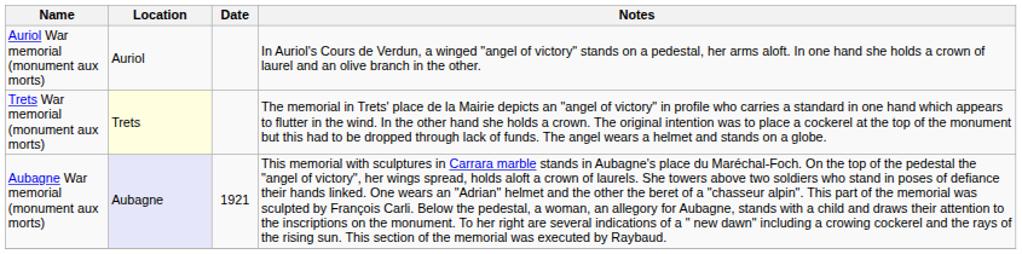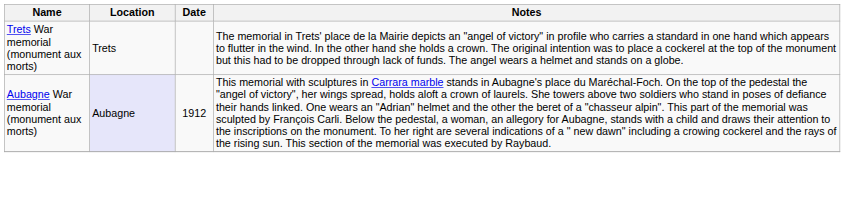 <table class="wikitable sortable plainrowheaders">
 <tr>
 <th style="width:120px">Name</th>
 <th style="width:120px">Location</th>
 <th style="width:50px">Date</th>
 <th class="unsortable">Notes</th>
 </tr>
 <tr>
-<td><a href='#'>Auriol</a> War memorial (monument aux morts)</td>
-<td>Auriol</td>
-<td align="center"></td>
-<td>In Auriol's Cours de Verdun, a winged "angel of victory" stands on a pedestal, her arms aloft. In one hand she holds a crown of laurel and an olive branch in the other.<br></td>
-</tr>
-<tr>
 <td><a href='#'>Trets</a> War memorial (monument aux morts)</td>
-<td style="background: lightyellow;">Trets</td>
+<td>Trets</td>
 <td align="center"></td>
 <td>The memorial in Trets' place de la Mairie depicts an "angel of victory" in profile who carries a standard in one hand which appears to flutter in the wind. In the other hand she holds a crown. The original intention was to place a cockerel at the top of the monument but this had to be dropped through lack of funds. The angel wears a helmet and stands on a globe.<br> </td>
 </tr>
 <tr>
 <td><a href='#'>Aubagne</a> War memorial (monument aux morts)</td>
 <td style="background: lavender;">Aubagne</td>
-<td align="center">1921</td>
+<td align="center">1912</td>
 <td>This memorial with sculptures in <a href='#'>Carrara marble</a> stands in Aubagne's place du Maréchal-Foch.  On the top of the pedestal the "angel of victory", her wings spread, holds aloft a crown of laurels. She towers above two soldiers who stand in poses of defiance their hands linked. One wears an "Adrian" helmet and the other the beret of a "chasseur alpin".  This part of the memorial was sculpted by François Carli. Below the pedestal, a woman, an allegory for Aubagne, stands with a child and draws their attention to the inscriptions on the monument.  To her right are several indications of a " new dawn" including a crowing cockerel and the rays of the rising sun. This section of the memorial was executed by Raybaud.<br>  </td>
 </tr>
 <tr>
 </tr>
 </table>
